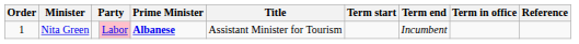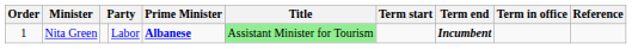 <table class="wikitable">
 <tr>
 <th>Order</th>
 <th>Minister</th>
 <th colspan=2>Party</th>
 <th>Prime Minister</th>
 <th>Title</th>
 <th>Term start</th>
 <th>Term end</th>
 <th>Term in office</th>
 <th>Reference</th>
 </tr>
 <tr>
 <td align=center>1</td>
 <td><a href='#'>Nita Green</a></td>
 <td> </td>
-<td style="background: pink;"><a href='#'>Labor</a></td>
+<td><a href='#'>Labor</a></td>
 <td><strong><a href='#'>Albanese</a></strong></td>
-<td>Assistant Minister for Tourism</td>
+<td style="background: lightgreen;">Assistant Minister for Tourism</td>
 <td align=center></td>
-<td align=center><em>Incumbent</em></td>
+<td align=center><strong><em>Incumbent</em></strong></td>
 <td align=right></td>
 <td align=center></td>
 </tr>
 </table>
